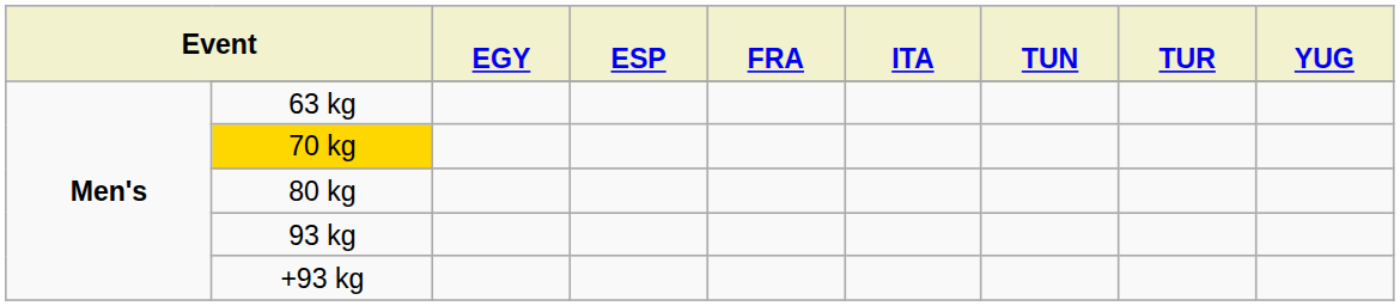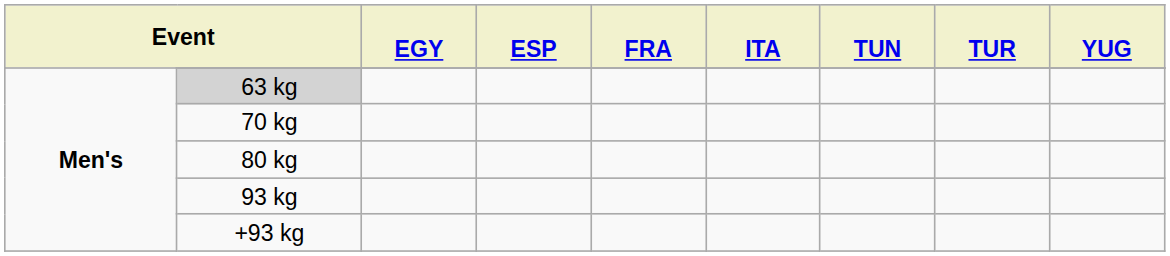 <table class="wikitable" style="margin-top:0em; text-align:center; font-size:89%;">
 <tr>
 <th colspan="2" style="background-color:#f2f2ce; width:15.0em;">Event</th>
 <th style="background-color:#f2f2ce; width:4.5em;"><br><a href='#'>EGY</a></th>
 <th style="background-color:#f2f2ce; width:4.5em;"><br><a href='#'>ESP</a></th>
 <th style="background-color:#f2f2ce; width:4.5em;"><br><a href='#'>FRA</a></th>
 <th style="background-color:#f2f2ce; width:4.5em;"><br><a href='#'>ITA</a></th>
 <th style="background-color:#f2f2ce; width:4.5em;"><br><a href='#'>TUN</a></th>
 <th style="background-color:#f2f2ce; width:4.5em;"><br><a href='#'>TUR</a></th>
 <th style="background-color:#f2f2ce; width:4.5em;"><br><a href='#'>YUG</a></th>
 </tr>
 <tr>
 <td rowspan="6"><strong>Men's</strong></td>
 </tr>
 <tr>
-<td>63 kg</td>
+<td style="background: lightgrey;">63 kg</td>
 <td></td>
 <td></td>
 <td></td>
 <td></td>
 <td></td>
 <td></td>
 <td></td>
 </tr>
 <tr>
-<td style="background: gold;">70 kg</td>
+<td>70 kg</td>
 <td></td>
 <td></td>
 <td></td>
 <td></td>
 <td></td>
 <td></td>
 <td></td>
 </tr>
 <tr>
 <td>80 kg</td>
 <td></td>
 <td></td>
 <td></td>
 <td></td>
 <td></td>
 <td></td>
 <td></td>
 </tr>
 <tr>
 <td>93 kg</td>
 <td></td>
 <td></td>
 <td></td>
 <td></td>
 <td></td>
 <td></td>
 <td></td>
 </tr>
 <tr>
 <td>+93 kg</td>
 <td></td>
 <td></td>
 <td></td>
 <td></td>
 <td></td>
 <td></td>
 <td></td>
 </tr>
 </table>
